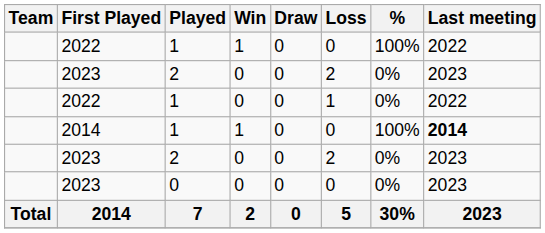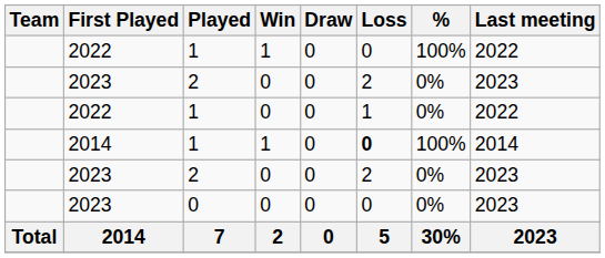 <table class="sortable wikitable">
 <tr>
 <th>Team</th>
 <th>First Played</th>
 <th>Played</th>
 <th>Win</th>
 <th>Draw</th>
 <th>Loss</th>
 <th>%</th>
 <th>Last meeting</th>
 </tr>
 <tr>
 <td></td>
 <td>2022</td>
 <td>1</td>
 <td>1</td>
 <td>0</td>
 <td>0</td>
 <td>100%</td>
 <td>2022</td>
 </tr>
 <tr>
 <td></td>
 <td>2023</td>
 <td>2</td>
 <td>0</td>
 <td>0</td>
 <td>2</td>
 <td>0%</td>
 <td>2023</td>
 </tr>
 <tr>
 <td></td>
 <td>2022</td>
 <td>1</td>
 <td>0</td>
 <td>0</td>
 <td>1</td>
 <td>0%</td>
 <td>2022</td>
 </tr>
 <tr>
 <td></td>
 <td>2014</td>
 <td>1</td>
 <td>1</td>
 <td>0</td>
-<td>0</td>
+<td><strong>0</strong></td>
 <td>100%</td>
-<td><strong>2014</strong></td>
+<td>2014</td>
 </tr>
 <tr>
 <td></td>
 <td>2023</td>
 <td>2</td>
 <td>0</td>
 <td>0</td>
 <td>2</td>
 <td>0%</td>
 <td>2023</td>
 </tr>
 <tr>
 <td></td>
 <td>2023</td>
 <td>0</td>
 <td>0</td>
 <td>0</td>
 <td>0</td>
 <td>0%</td>
 <td>2023</td>
 </tr>
 <tr>
 <th>Total</th>
 <th>2014</th>
 <th>7</th>
 <th>2</th>
 <th>0</th>
 <th>5</th>
 <th>30%</th>
 <th>2023</th>
 </tr>
 <tr>
 </tr>
 </table>
